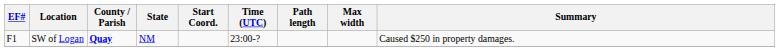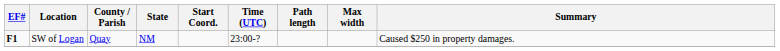 <table class="wikitable sortable" style="width:100%;">
 <tr>
 <th scope="col"  style="width:3%; text-align:center;"><a href='#'>EF#</a></th>
 <th scope="col"  style="width:7%; text-align:center;" class="unsortable">Location</th>
 <th scope="col"  style="width:6%; text-align:center;" class="unsortable">County / Parish</th>
 <th scope="col"  style="width:5%; text-align:center;">State</th>
 <th scope="col"  style="width:6%; text-align:center;">Start Coord.</th>
 <th scope="col"  style="width:6%; text-align:center;">Time (<a href='#'>UTC</a>)</th>
 <th scope="col"  style="width:6%; text-align:center;">Path length</th>
 <th scope="col"  style="width:6%; text-align:center;">Max width</th>
 <th scope="col" class="unsortable" style="width:48%; text-align:center;">Summary</th>
 </tr>
 <tr>
-<td bgcolor=>F1</td>
+<td bgcolor=><strong>F1</strong></td>
 <td>SW of <a href='#'>Logan</a></td>
-<td><strong><a href='#'>Quay</a></strong></td>
+<td><a href='#'>Quay</a></td>
 <td><a href='#'>NM</a></td>
 <td></td>
 <td>23:00-?</td>
 <td></td>
 <td></td>
 <td>Caused $250 in property damages.</td>
 </tr>
 <tr>
 </tr>
 </table>
